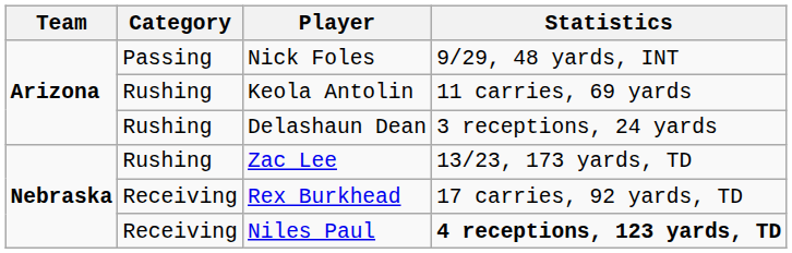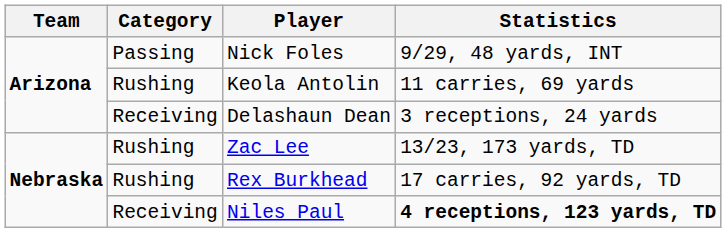 <table class="wikitable" style="float: right;">
 <tr>
 <th>Team</th>
 <th>Category</th>
 <th>Player</th>
 <th>Statistics</th>
 </tr>
 <tr>
 <td rowspan=3><strong>Arizona</strong></td>
 <td>Passing</td>
 <td>Nick Foles</td>
 <td>9/29, 48 yards, INT</td>
 </tr>
 <tr>
 <td>Rushing</td>
 <td>Keola Antolin</td>
 <td>11 carries, 69 yards</td>
 </tr>
 <tr>
-<td>Rushing</td>
+<td>Receiving</td>
 <td>Delashaun Dean</td>
 <td>3 receptions, 24 yards</td>
 </tr>
 <tr>
 <td rowspan=3><strong>Nebraska</strong></td>
 <td>Rushing</td>
 <td><a href='#'>Zac Lee</a></td>
 <td>13/23, 173 yards, TD</td>
 </tr>
 <tr>
-<td>Receiving</td>
+<td>Rushing</td>
 <td><a href='#'>Rex Burkhead</a></td>
 <td>17 carries, 92 yards, TD</td>
 </tr>
 <tr>
 <td>Receiving</td>
 <td><a href='#'>Niles Paul</a></td>
 <td><strong>4 receptions, 123 yards, TD</strong></td>
 </tr>
 </table>
